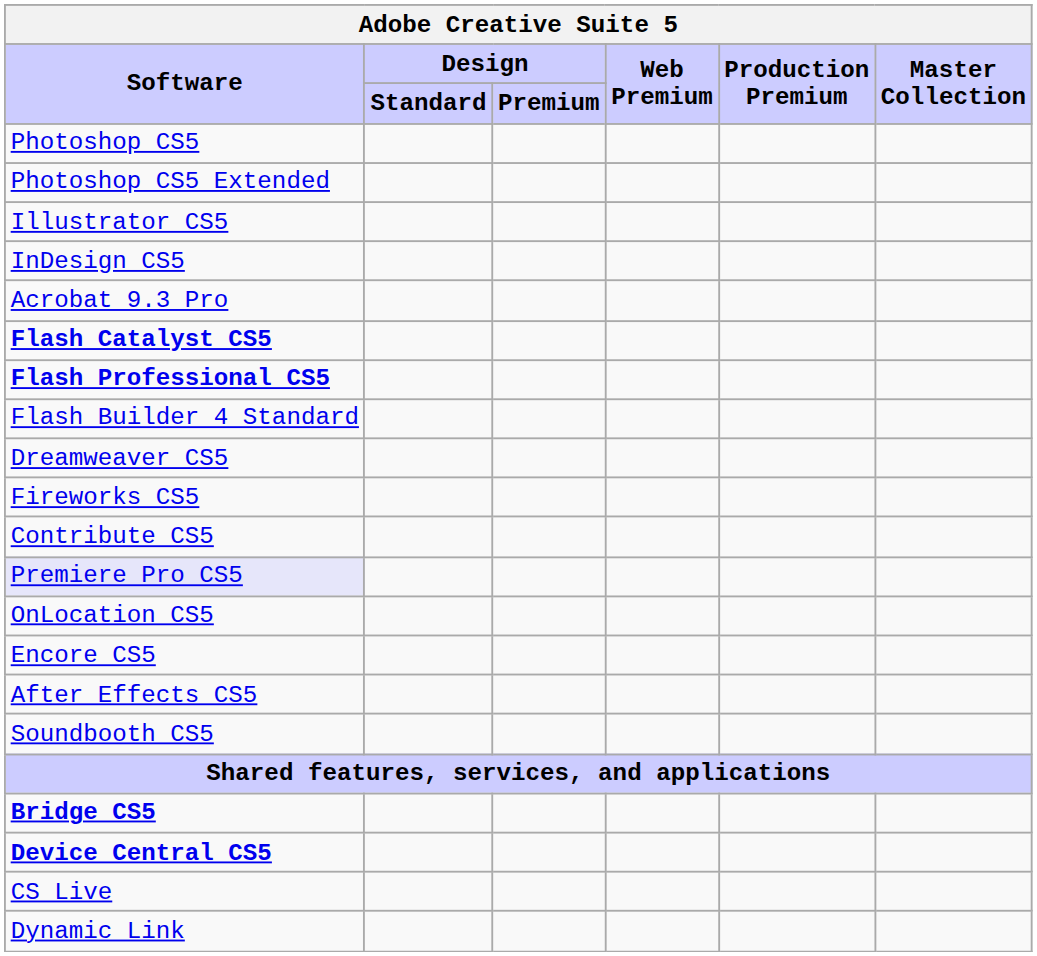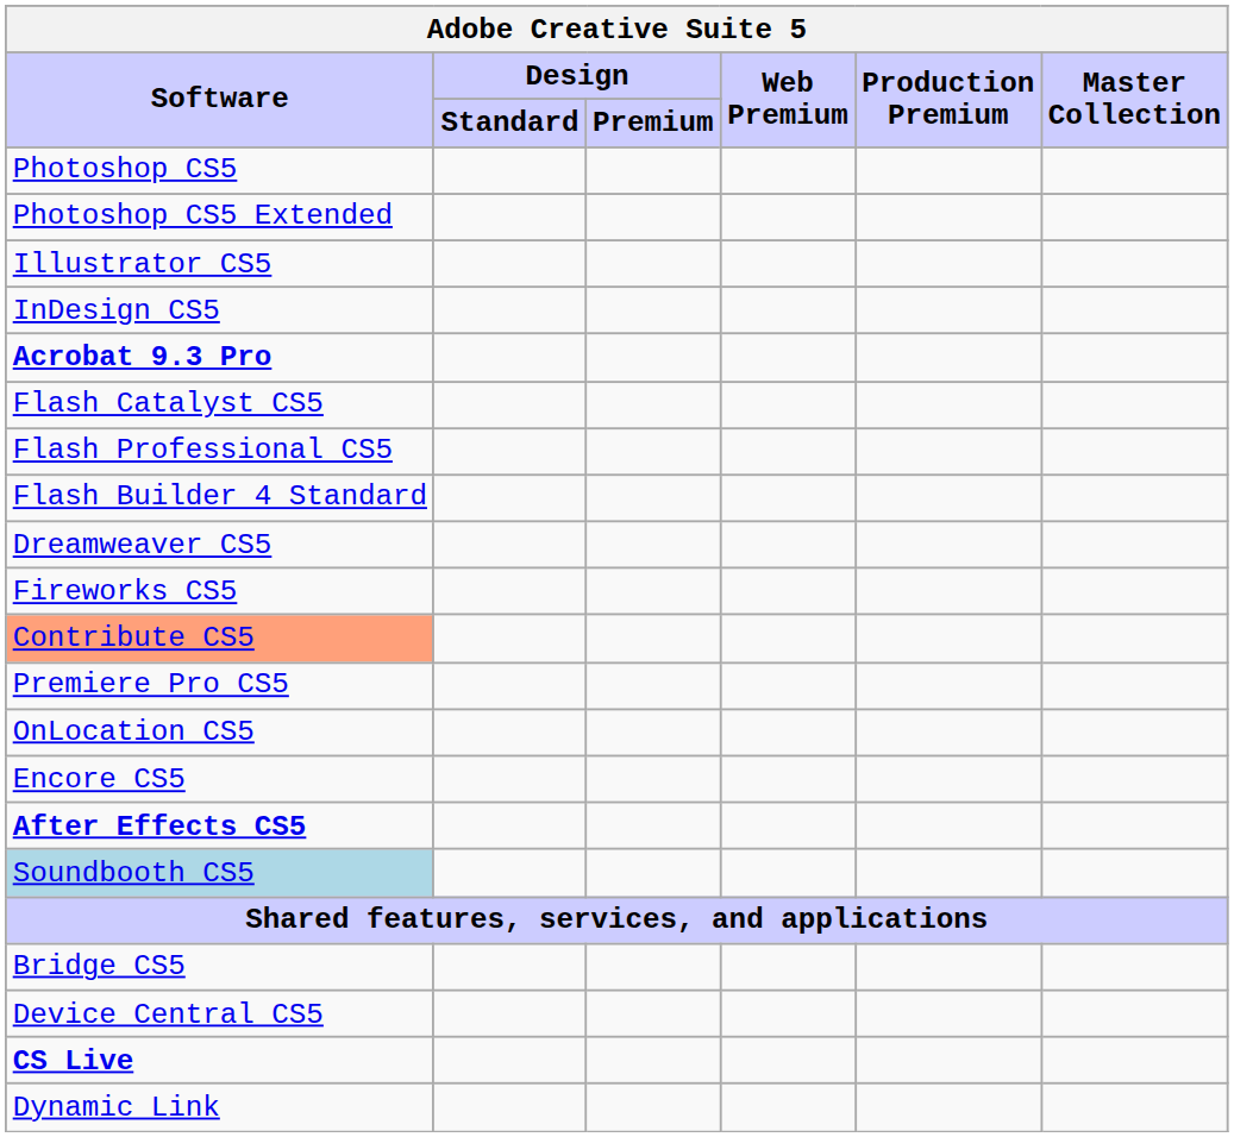 <table class="wikitable collapsible collapsed">
 <tr>
 <th colspan="7">Adobe Creative Suite 5</th>
 </tr>
 <tr>
 <th style="background:#ccf;" rowspan="2">Software</th>
 <th colspan="2" style="background:#ccf;">Design</th>
 <th style="background:#ccf;" rowspan="2">Web<br>Premium</th>
 <th style="background:#ccf;" rowspan="2">Production<br>Premium</th>
 <th style="background:#ccf;" rowspan="2">Master<br>Collection</th>
 </tr>
 <tr>
 <th style="background:#ccf;">Standard</th>
 <th style="background:#ccf;">Premium</th>
 </tr>
 <tr>
 <td><a href='#'>Photoshop CS5</a></td>
 <td style="text-align: center;"></td>
 <td></td>
 <td></td>
 <td></td>
 <td></td>
 </tr>
 <tr>
 <td><a href='#'>Photoshop CS5 Extended</a></td>
 <td></td>
 <td style="text-align: center;"></td>
 <td style="text-align: center;"></td>
 <td style="text-align: center;"></td>
 <td style="text-align: center;"></td>
 </tr>
 <tr>
 <td><a href='#'>Illustrator CS5</a></td>
 <td style="text-align: center;"></td>
 <td style="text-align: center;"></td>
 <td style="text-align: center;"></td>
 <td style="text-align: center;"></td>
 <td style="text-align: center;"></td>
 </tr>
 <tr>
 <td><a href='#'>InDesign CS5</a></td>
 <td style="text-align: center;"></td>
 <td style="text-align: center;"></td>
 <td></td>
 <td></td>
 <td style="text-align: center;"></td>
 </tr>
 <tr>
-<td><a href='#'>Acrobat 9.3 Pro</a></td>
+<td><strong><a href='#'>Acrobat 9.3 Pro</a></strong></td>
 <td style="text-align: center;"></td>
 <td style="text-align: center;"></td>
 <td style="text-align: center;"></td>
 <td></td>
 <td style="text-align: center;"></td>
 </tr>
 <tr>
-<td><strong><a href='#'>Flash Catalyst CS5</a></strong></td>
+<td><a href='#'>Flash Catalyst CS5</a></td>
 <td></td>
 <td style="text-align: center;"></td>
 <td style="text-align: center;"></td>
 <td style="text-align: center;"></td>
 <td style="text-align: center;"></td>
 </tr>
 <tr>
-<td><strong><a href='#'>Flash Professional CS5</a></strong></td>
+<td><a href='#'>Flash Professional CS5</a></td>
 <td></td>
 <td style="text-align: center;"></td>
 <td style="text-align: center;"></td>
 <td style="text-align: center;"></td>
 <td style="text-align: center;"></td>
 </tr>
 <tr>
 <td><a href='#'>Flash Builder 4 Standard</a></td>
 <td></td>
 <td></td>
 <td style="text-align: center;"></td>
 <td></td>
 <td style="text-align: center;"></td>
 </tr>
 <tr>
 <td><a href='#'>Dreamweaver CS5</a></td>
 <td></td>
 <td style="text-align: center;"></td>
 <td style="text-align: center;"></td>
 <td></td>
 <td style="text-align: center;"></td>
 </tr>
 <tr>
 <td><a href='#'>Fireworks CS5</a></td>
 <td></td>
 <td style="text-align: center;"></td>
 <td style="text-align: center;"></td>
 <td></td>
 <td style="text-align: center;"></td>
 </tr>
 <tr>
-<td><a href='#'>Contribute CS5</a></td>
+<td style="background: lightsalmon;"><a href='#'>Contribute CS5</a></td>
 <td></td>
 <td></td>
 <td style="text-align: center;"></td>
 <td></td>
 <td style="text-align: center;"></td>
 </tr>
 <tr>
-<td style="background: lavender;"><a href='#'>Premiere Pro CS5</a></td>
+<td><a href='#'>Premiere Pro CS5</a></td>
 <td></td>
 <td></td>
 <td></td>
 <td style="text-align: center;"></td>
 <td style="text-align: center;"></td>
 </tr>
 <tr>
 <td><a href='#'>OnLocation CS5</a></td>
 <td></td>
 <td></td>
 <td></td>
 <td style="text-align: center;"></td>
 <td style="text-align: center;"></td>
 </tr>
 <tr>
 <td><a href='#'>Encore CS5</a></td>
 <td></td>
 <td></td>
 <td></td>
 <td style="text-align: center;"></td>
 <td style="text-align: center;"></td>
 </tr>
 <tr>
-<td><a href='#'>After Effects CS5</a></td>
+<td><strong><a href='#'>After Effects CS5</a></strong></td>
 <td></td>
 <td></td>
 <td></td>
 <td style="text-align: center;"></td>
 <td style="text-align: center;"></td>
 </tr>
 <tr>
-<td><a href='#'>Soundbooth CS5</a></td>
+<td style="background: lightblue;"><a href='#'>Soundbooth CS5</a></td>
 <td></td>
 <td></td>
 <td></td>
 <td style="text-align: center;"></td>
 <td style="text-align: center;"></td>
 </tr>
 <tr>
 <th colspan="7" style="background:#ccf;">Shared features, services, and applications</th>
 </tr>
 <tr>
-<td><strong><a href='#'>Bridge CS5</a></strong></td>
+<td><a href='#'>Bridge CS5</a></td>
 <td style="text-align: center;"></td>
 <td style="text-align: center;"></td>
 <td style="text-align: center;"></td>
 <td style="text-align: center;"></td>
 <td style="text-align: center;"></td>
 </tr>
 <tr>
-<td><strong><a href='#'>Device Central CS5</a></strong></td>
+<td><a href='#'>Device Central CS5</a></td>
 <td style="text-align: center;"></td>
 <td style="text-align: center;"></td>
 <td style="text-align: center;"></td>
 <td style="text-align: center;"></td>
 <td style="text-align: center;"></td>
 </tr>
 <tr>
-<td><a href='#'>CS Live</a></td>
+<td><strong><a href='#'>CS Live</a></strong></td>
 <td style="text-align: center;"></td>
 <td style="text-align: center;"></td>
 <td style="text-align: center;"></td>
 <td style="text-align: center;"></td>
 <td style="text-align: center;"></td>
 </tr>
 <tr>
 <td><a href='#'>Dynamic Link</a></td>
 <td></td>
 <td></td>
 <td></td>
 <td style="text-align: center;"></td>
 <td style="text-align: center;"></td>
 </tr>
 </table>
